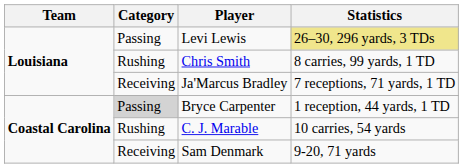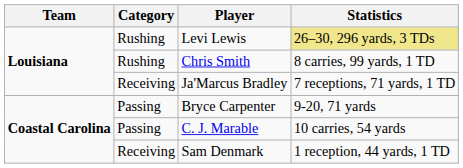 <table class="wikitable" style="float: left;">
 <tr>
 <th>Team</th>
 <th>Category</th>
 <th>Player</th>
 <th>Statistics</th>
 </tr>
 <tr>
 <td rowspan=3><strong>Louisiana</strong></td>
-<td>Passing</td>
+<td>Rushing</td>
 <td>Levi Lewis</td>
 <td style="background: khaki;">26–30, 296 yards, 3 TDs</td>
 </tr>
 <tr>
 <td>Rushing</td>
 <td><a href='#'>Chris Smith</a></td>
 <td>8 carries, 99 yards, 1 TD</td>
 </tr>
 <tr>
 <td>Receiving</td>
 <td>Ja'Marcus Bradley</td>
 <td>7 receptions, 71 yards, 1 TD</td>
 </tr>
 <tr>
 <td rowspan=3><strong>Coastal Carolina</strong></td>
-<td style="background: lightgrey;">Passing</td>
+<td>Passing</td>
 <td>Bryce Carpenter</td>
-<td>1 reception, 44 yards, 1 TD</td>
+<td>9-20, 71 yards</td>
 </tr>
 <tr>
-<td>Rushing</td>
+<td>Passing</td>
 <td><a href='#'>C. J. Marable</a></td>
 <td>10 carries, 54 yards</td>
 </tr>
 <tr>
 <td>Receiving</td>
 <td>Sam Denmark</td>
-<td>9-20, 71 yards</td>
+<td>1 reception, 44 yards, 1 TD</td>
 </tr>
 </table>
